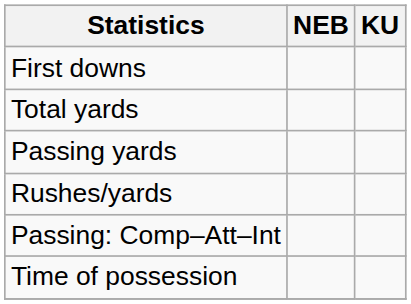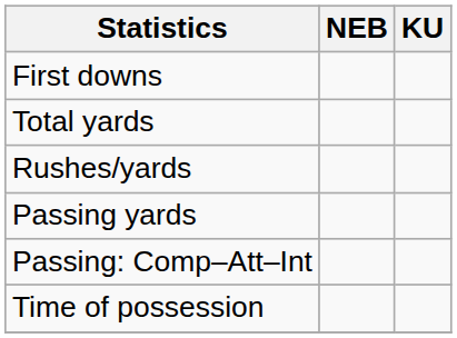 <table class="wikitable" style="float: left;">
 <tr>
 <th>Statistics</th>
 <th>NEB</th>
 <th>KU</th>
 </tr>
 <tr>
 <td>First downs</td>
 <td></td>
 <td></td>
 </tr>
 <tr>
 <td>Total yards</td>
 <td></td>
 <td></td>
 </tr>
 <tr>
-<td>Passing yards</td>
+<td>Rushes/yards</td>
 <td></td>
 <td></td>
 </tr>
 <tr>
-<td>Rushes/yards</td>
+<td>Passing yards</td>
 <td></td>
 <td></td>
 </tr>
 <tr>
 <td>Passing: Comp–Att–Int</td>
 <td></td>
 <td></td>
 </tr>
 <tr>
 <td>Time of possession</td>
 <td></td>
 <td></td>
 </tr>
 <tr>
 </tr>
 </table>
